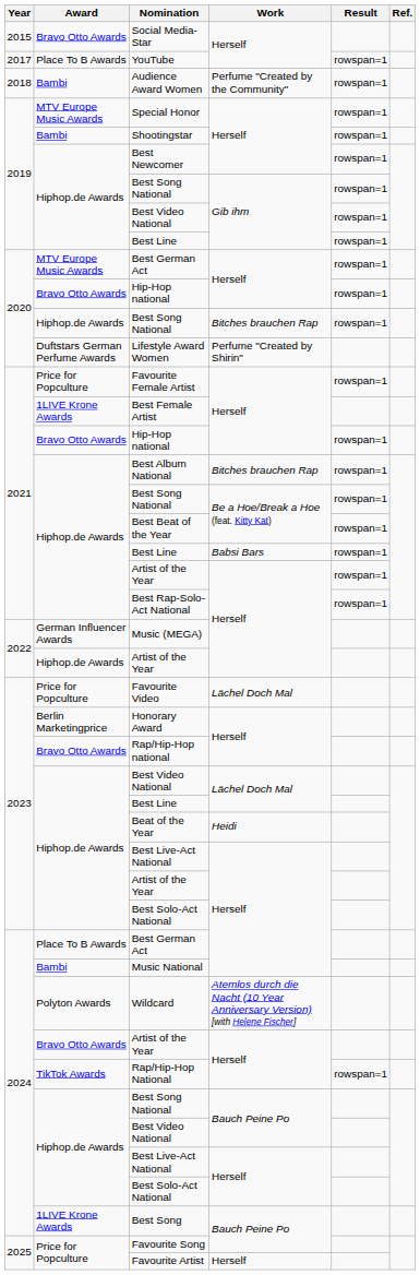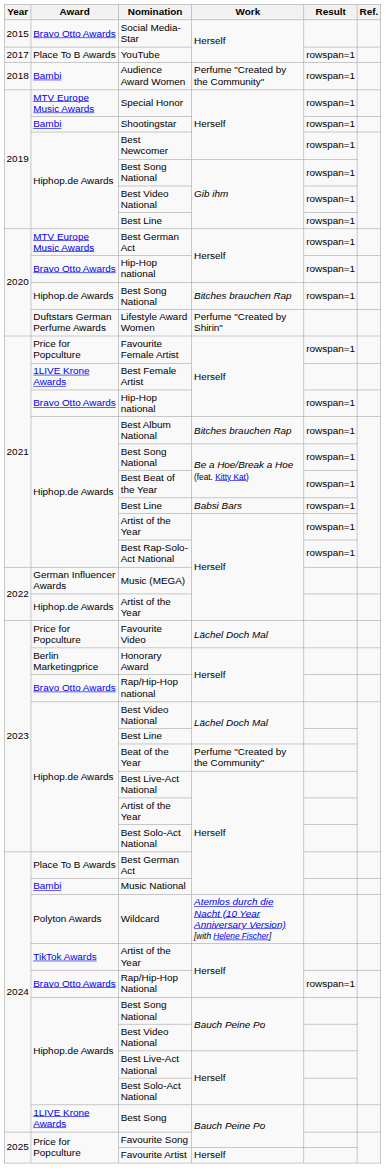 <table class="wikitable">
 <tr>
 <th>Year</th>
 <th>Award</th>
 <th>Nomination</th>
 <th>Work</th>
 <th>Result</th>
 <th>Ref.</th>
 </tr>
 <tr>
 <td>2015</td>
 <td><a href='#'>Bravo Otto Awards</a></td>
 <td>Social Media-Star</td>
 <td rowspan="2">Herself</td>
 <td></td>
 <td></td>
 </tr>
 <tr>
 <td>2017</td>
 <td>Place To B Awards</td>
 <td>YouTube</td>
 <td>rowspan=1 </td>
 <td></td>
 </tr>
 <tr>
 <td>2018</td>
 <td><a href='#'>Bambi</a></td>
 <td>Audience Award Women</td>
 <td rowspan="1">Perfume "Created by the Community"</td>
 <td>rowspan=1 </td>
 <td></td>
 </tr>
 <tr>
 <td rowspan="6">2019</td>
 <td><a href='#'>MTV Europe Music Awards</a></td>
 <td>Special Honor</td>
 <td rowspan="3">Herself</td>
 <td>rowspan=1 </td>
 <td></td>
 </tr>
 <tr>
 <td><a href='#'>Bambi</a></td>
 <td Shootingstar>Shootingstar</td>
 <td>rowspan=1 </td>
 <td></td>
 </tr>
 <tr>
 <td rowspan="4">Hiphop.de Awards</td>
 <td>Best Newcomer</td>
 <td>rowspan=1 </td>
 <td rowspan="4"></td>
 </tr>
 <tr>
 <td>Best Song National</td>
 <td rowspan="3"><em>Gib ihm</em></td>
 <td>rowspan=1 </td>
 </tr>
 <tr>
 <td>Best Video National</td>
 <td>rowspan=1 </td>
 </tr>
 <tr>
 <td>Best Line</td>
 <td>rowspan=1 </td>
 </tr>
 <tr>
 <td rowspan="4">2020</td>
 <td><a href='#'>MTV Europe Music Awards</a></td>
 <td>Best German Act</td>
 <td rowspan="2">Herself</td>
 <td>rowspan=1 </td>
 <td></td>
 </tr>
 <tr>
 <td><a href='#'>Bravo Otto Awards</a></td>
 <td>Hip-Hop national</td>
 <td>rowspan=1 </td>
 <td></td>
 </tr>
 <tr>
 <td>Hiphop.de Awards</td>
 <td>Best Song National</td>
 <td><em>Bitches brauchen Rap</em></td>
 <td>rowspan=1 </td>
 <td></td>
 </tr>
 <tr>
 <td>Duftstars German Perfume Awards</td>
 <td>Lifestyle Award Women</td>
 <td>Perfume "Created by Shirin"</td>
 <td></td>
 <td></td>
 </tr>
 <tr>
 <td rowspan="9">2021</td>
 <td>Price for Popculture</td>
 <td>Favourite Female Artist</td>
 <td rowspan="3">Herself</td>
 <td>rowspan=1 </td>
 <td></td>
 </tr>
 <tr>
 <td><a href='#'>1LIVE Krone Awards</a></td>
 <td>Best Female Artist</td>
 <td></td>
 <td></td>
 </tr>
 <tr>
 <td><a href='#'>Bravo Otto Awards</a></td>
 <td>Hip-Hop national</td>
 <td>rowspan=1 </td>
 <td></td>
 </tr>
 <tr>
 <td rowspan="6">Hiphop.de Awards</td>
 <td>Best Album National</td>
 <td><em>Bitches brauchen Rap</em></td>
 <td>rowspan=1 </td>
 <td rowspan="6"></td>
 </tr>
 <tr>
 <td>Best Song National</td>
 <td rowspan="2"><em>Be a Hoe/Break a Hoe</em> <small>(feat. <a href='#'>Kitty Kat</a>)</small></td>
 <td>rowspan=1 </td>
 </tr>
 <tr>
 <td>Best Beat of the Year</td>
 <td>rowspan=1 </td>
 </tr>
 <tr>
 <td>Best Line</td>
 <td><em>Babsi Bars</em></td>
 <td>rowspan=1 </td>
 </tr>
 <tr>
 <td>Artist of the Year</td>
 <td rowspan="4">Herself</td>
 <td>rowspan=1 </td>
 </tr>
 <tr>
 <td>Best Rap-Solo-Act National</td>
 <td>rowspan=1 </td>
 </tr>
 <tr>
 <td rowspan="2">2022</td>
 <td>German Influencer Awards</td>
 <td>Music (MEGA)</td>
 <td></td>
 <td></td>
 </tr>
 <tr>
 <td>Hiphop.de Awards</td>
 <td>Artist of the Year</td>
 <td></td>
 <td></td>
 </tr>
 <tr>
 <td rowspan="9">2023</td>
 <td>Price for Popculture</td>
 <td>Favourite Video</td>
 <td><em>Lächel Doch Mal</em></td>
 <td></td>
 <td></td>
 </tr>
 <tr>
 <td>Berlin Marketingprice</td>
 <td>Honorary Award</td>
 <td rowspan="2">Herself</td>
 <td></td>
 <td></td>
 </tr>
 <tr>
 <td><a href='#'>Bravo Otto Awards</a></td>
 <td>Rap/Hip-Hop national</td>
 <td></td>
 <td></td>
 </tr>
 <tr>
 <td rowspan="6">Hiphop.de Awards</td>
 <td>Best Video National</td>
 <td rowspan="2"><em>Lächel Doch Mal</em></td>
 <td></td>
 <td rowspan="6"></td>
 </tr>
 <tr>
 <td>Best Line</td>
 <td></td>
 </tr>
 <tr>
 <td>Beat of the Year</td>
-<td><em>Heidi</em></td>
+<td rowspan="1">Perfume "Created by the Community"</td>
 <td></td>
 </tr>
 <tr>
 <td>Best Live-Act National</td>
 <td rowspan="5">Herself</td>
 <td></td>
 </tr>
 <tr>
 <td>Artist of the Year</td>
 <td></td>
 </tr>
 <tr>
 <td>Best Solo-Act National</td>
 <td></td>
 </tr>
 <tr>
 <td rowspan="10">2024</td>
 <td>Place To B Awards</td>
 <td>Best German Act</td>
 <td></td>
 <td></td>
 </tr>
 <tr>
 <td><a href='#'>Bambi</a></td>
 <td>Music National</td>
 <td></td>
 <td></td>
 </tr>
 <tr>
 <td>Polyton Awards</td>
 <td>Wildcard</td>
 <td><em><a href='#'>Atemlos durch die Nacht (10 Year Anniversary Version)</a> <small>[with <a href='#'>Helene Fischer</a>]</small></em></td>
 <td></td>
 <td></td>
 </tr>
 <tr>
-<td><a href='#'>Bravo Otto Awards</a></td>
+<td><a href='#'>TikTok Awards</a></td>
 <td>Artist of the Year</td>
 <td rowspan="2">Herself</td>
 <td></td>
 <td></td>
 </tr>
 <tr>
-<td><a href='#'>TikTok Awards</a></td>
+<td><a href='#'>Bravo Otto Awards</a></td>
 <td>Rap/Hip-Hop National</td>
 <td>rowspan=1 </td>
 <td></td>
 </tr>
 <tr>
 <td rowspan="4">Hiphop.de Awards</td>
 <td>Best Song National</td>
 <td rowspan="2"><em>Bauch Peine Po</em></td>
 <td></td>
 <td rowspan="4"></td>
 </tr>
 <tr>
 <td>Best Video National</td>
 <td></td>
 </tr>
 <tr>
 <td>Best Live-Act National</td>
 <td rowspan="2">Herself</td>
 <td></td>
 </tr>
 <tr>
 <td>Best Solo-Act National</td>
 <td></td>
 </tr>
 <tr>
 <td><a href='#'>1LIVE Krone Awards</a></td>
 <td>Best Song</td>
 <td rowspan="2"><em>Bauch Peine Po</em></td>
 <td></td>
 <td></td>
 </tr>
 <tr>
 <td rowspan="2">2025</td>
 <td rowspan="2">Price for Popculture</td>
 <td>Favourite Song</td>
 <td></td>
 <td rowspan="2"></td>
 </tr>
 <tr>
 <td>Favourite Artist</td>
 <td>Herself</td>
 <td></td>
 </tr>
 </table>
